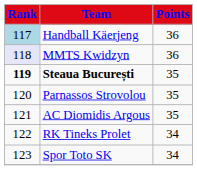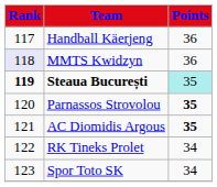 <table class="wikitable" style="text-align: center;">
 <tr>
 <th style="color:blue; background:#DF0915">Rank</th>
 <th style="color:blue; background:#DF0915">Team</th>
 <th style="color:blue; background:#DF0915">Points</th>
 </tr>
 <tr>
-<td style="background: lightblue;">117</td>
+<td>117</td>
 <td align=left> <a href='#'>Handball Käerjeng</a></td>
 <td>36</td>
 </tr>
 <tr>
 <td style="background: lavender;">118</td>
 <td align=left> <a href='#'>MMTS Kwidzyn</a></td>
 <td>36</td>
 </tr>
 <tr>
 <td><strong>119</strong></td>
 <td align=left> <strong>Steaua București</strong></td>
-<td>35</td>
+<td style="background: paleturquoise;">35</td>
 </tr>
 <tr>
 <td>120</td>
 <td align=left> <a href='#'>Parnassos Strovolou</a></td>
-<td>35</td>
+<td><strong>35</strong></td>
 </tr>
 <tr>
 <td>121</td>
 <td align=left> <a href='#'>AC Diomidis Argous</a></td>
-<td>35</td>
+<td><strong>35</strong></td>
 </tr>
 <tr>
 <td>122</td>
 <td align=left> <a href='#'>RK Tineks Prolet</a></td>
 <td>34</td>
 </tr>
 <tr>
 <td>123</td>
 <td align=left> <a href='#'>Spor Toto SK</a></td>
 <td>34</td>
 </tr>
 <tr>
 </tr>
 </table>
